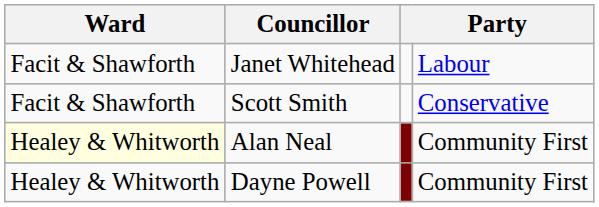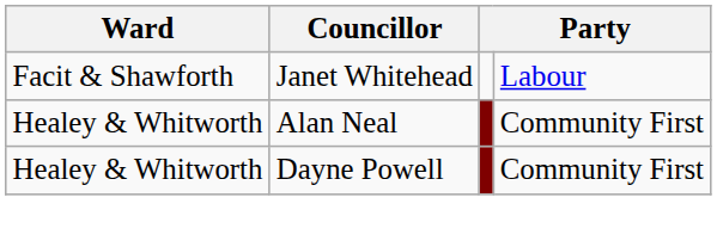 <table class="wikitable">
 <tr>
 <th>Ward</th>
 <th>Councillor</th>
 <th colspan="2">Party</th>
 </tr>
 <tr>
 <td>Facit & Shawforth</td>
 <td>Janet Whitehead</td>
 <td style="background-color: "></td>
 <td><a href='#'>Labour</a></td>
 </tr>
 <tr>
-<td>Facit & Shawforth</td>
-<td>Scott Smith</td>
-<td style="background-color: "></td>
-<td><a href='#'>Conservative</a></td>
-</tr>
-<tr>
-<td style="background: lightyellow;">Healey & Whitworth</td>
+<td>Healey & Whitworth</td>
 <td>Alan Neal</td>
 <td style="background-color: #7F0000"></td>
 <td>Community First</td>
 </tr>
 <tr>
 <td>Healey & Whitworth</td>
 <td>Dayne Powell</td>
 <td style="background-color: #7F0000"></td>
 <td>Community First</td>
 </tr>
 </table>
